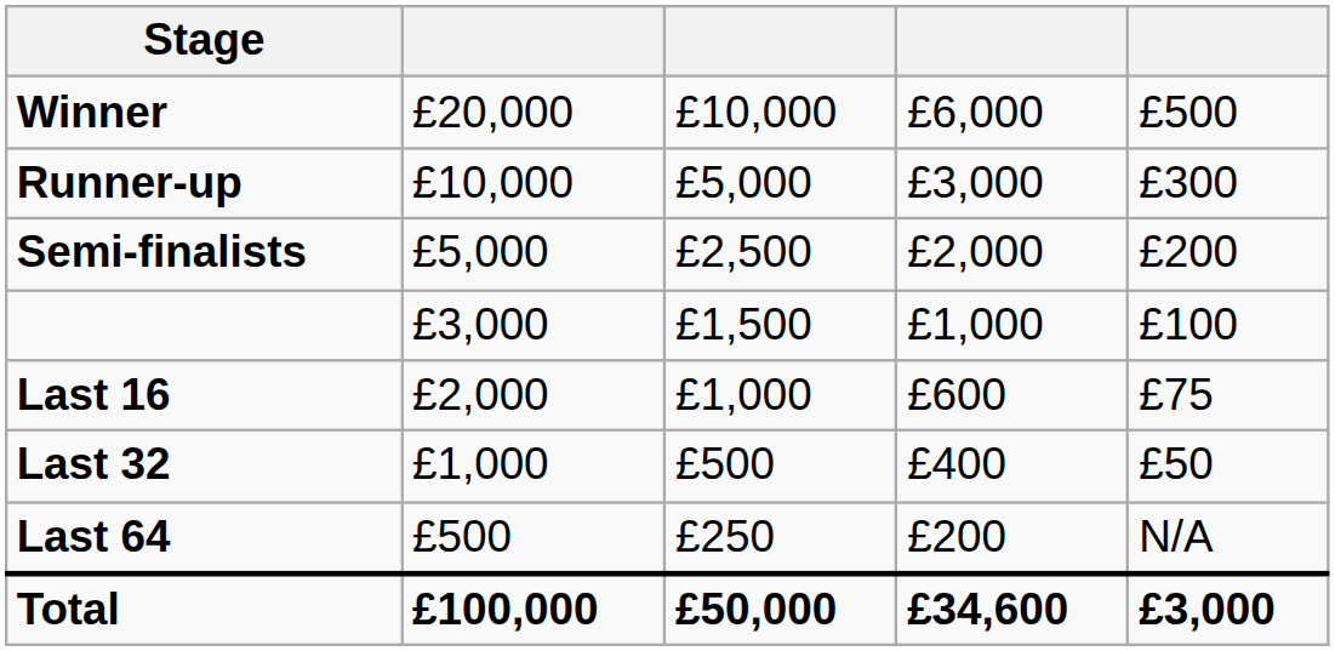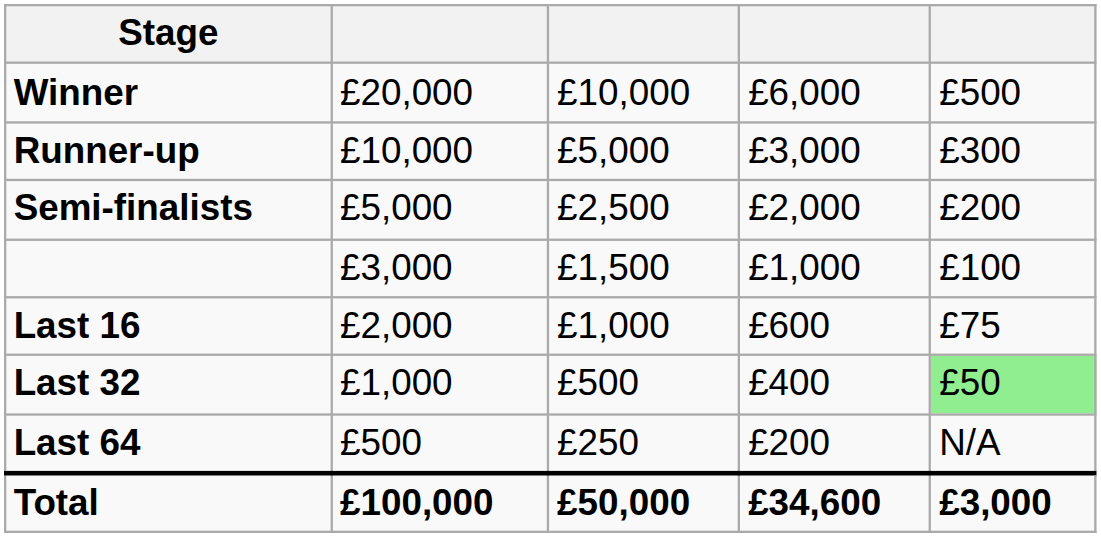 <table class="wikitable" style="width:30%; margin:0">
 <tr>
 <th>Stage</th>
 <th></th>
 <th></th>
 <th></th>
 <th></th>
 </tr>
 <tr>
 <td><strong>Winner</strong></td>
 <td>£20,000</td>
 <td>£10,000</td>
 <td>£6,000</td>
 <td>£500</td>
 </tr>
 <tr>
 <td><strong>Runner-up</strong></td>
 <td>£10,000</td>
 <td>£5,000</td>
 <td>£3,000</td>
 <td>£300</td>
 </tr>
 <tr>
 <td><strong>Semi-finalists</strong></td>
 <td>£5,000</td>
 <td>£2,500</td>
 <td>£2,000</td>
 <td>£200</td>
 </tr>
 <tr>
 <td><strong></strong></td>
 <td>£3,000</td>
 <td>£1,500</td>
 <td>£1,000</td>
 <td>£100</td>
 </tr>
 <tr>
 <td><strong>Last 16</strong></td>
 <td>£2,000</td>
 <td>£1,000</td>
 <td>£600</td>
 <td>£75</td>
 </tr>
 <tr>
 <td><strong>Last 32</strong></td>
 <td>£1,000</td>
 <td>£500</td>
 <td>£400</td>
-<td>£50</td>
+<td style="background: lightgreen;">£50</td>
 </tr>
 <tr style="border-bottom:2px solid black;">
 <td><strong>Last 64</strong></td>
 <td>£500</td>
 <td>£250</td>
 <td>£200</td>
 <td>N/A</td>
 </tr>
 <tr>
 <td><strong>Total</strong></td>
 <td><strong>£100,000</strong></td>
 <td><strong>£50,000</strong></td>
 <td><strong>£34,600</strong></td>
 <td><strong>£3,000</strong></td>
 </tr>
 </table>
